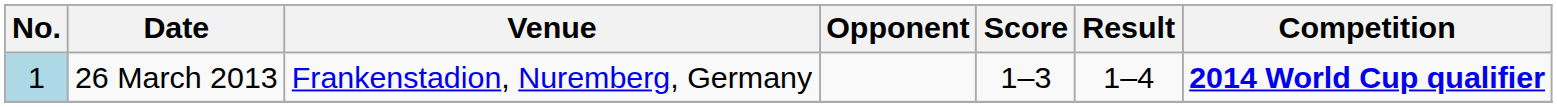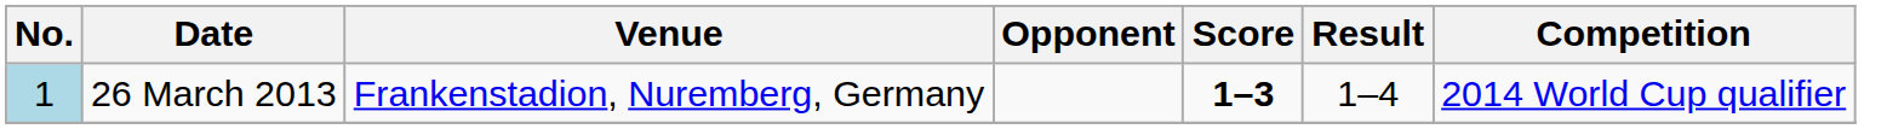 <table class="wikitable sortable">
 <tr>
 <th scope="col">No.</th>
 <th scope="col">Date</th>
 <th scope="col">Venue</th>
 <th scope="col">Opponent</th>
 <th scope="col">Score</th>
 <th scope="col">Result</th>
 <th scope="col">Competition</th>
 </tr>
 <tr>
 <td align="center" style="background: lightblue;">1</td>
 <td>26 March 2013</td>
 <td><a href='#'>Frankenstadion</a>, <a href='#'>Nuremberg</a>, Germany</td>
 <td></td>
-<td align="center">1–3</td>
+<td align="center"><strong>1–3</strong></td>
 <td align="center">1–4</td>
-<td><strong><a href='#'>2014 World Cup qualifier</a></strong></td>
+<td><a href='#'>2014 World Cup qualifier</a></td>
 </tr>
 <tr>
 </tr>
 </table>
